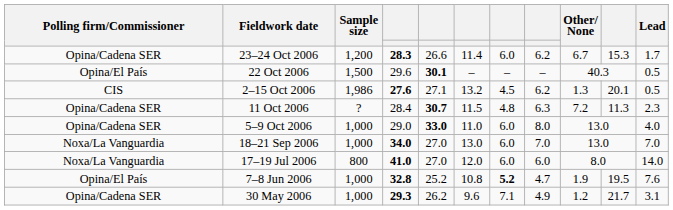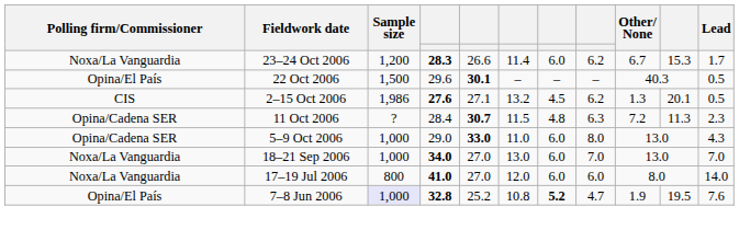 <table class="wikitable collapsible collapsed" style="text-align:center; font-size:90%; line-height:14px;">
 <tr style="height:42px;">
 <th style="width:250px;" rowspan="2">Polling firm/Commissioner</th>
 <th style="width:125px;" rowspan="2">Fieldwork date</th>
 <th style="width:50px;" rowspan="2">Sample size</th>
 <th style="width:35px;"></th>
 <th style="width:35px;"></th>
 <th style="width:35px;"></th>
 <th style="width:35px;"></th>
 <th style="width:35px;"></th>
 <th style="width:35px;" rowspan="2">Other/<br>None</th>
 <th style="width:35px;" rowspan="2"></th>
 <th style="width:30px;" rowspan="2">Lead</th>
 </tr>
 <tr>
 <th style="color:inherit;background:"></th>
 <th style="color:inherit;background:"></th>
 <th style="color:inherit;background:"></th>
 <th style="color:inherit;background:"></th>
 <th style="color:inherit;background:"></th>
 </tr>
 <tr>
-<td>Opina/Cadena SER</td>
+<td>Noxa/La Vanguardia</td>
 <td>23–24 Oct 2006</td>
 <td>1,200</td>
 <td><strong>28.3</strong></td>
 <td>26.6</td>
 <td>11.4</td>
 <td>6.0</td>
 <td>6.2</td>
 <td>6.7</td>
 <td>15.3</td>
 <td style="background:">1.7</td>
 </tr>
 <tr>
 <td>Opina/El País</td>
 <td>22 Oct 2006</td>
 <td>1,500</td>
 <td>29.6</td>
 <td><strong>30.1</strong></td>
 <td>–</td>
 <td>–</td>
 <td>–</td>
 <td colspan="2">40.3</td>
 <td style="background:">0.5</td>
 </tr>
 <tr>
 <td>CIS</td>
 <td>2–15 Oct 2006</td>
 <td>1,986</td>
 <td><strong>27.6</strong></td>
 <td>27.1</td>
 <td>13.2</td>
 <td>4.5</td>
 <td>6.2</td>
 <td>1.3</td>
 <td>20.1</td>
 <td style="background:">0.5</td>
 </tr>
 <tr>
 <td>Opina/Cadena SER</td>
 <td>11 Oct 2006</td>
 <td>?</td>
 <td>28.4</td>
 <td><strong>30.7</strong></td>
 <td>11.5</td>
 <td>4.8</td>
 <td>6.3</td>
 <td>7.2</td>
 <td>11.3</td>
 <td style="background:">2.3</td>
 </tr>
 <tr>
 <td>Opina/Cadena SER</td>
 <td>5–9 Oct 2006</td>
 <td>1,000</td>
 <td>29.0</td>
 <td><strong>33.0</strong></td>
 <td>11.0</td>
 <td>6.0</td>
 <td>8.0</td>
 <td colspan="2">13.0</td>
-<td style="background:">4.0</td>
+<td style="background:">4.3</td>
 </tr>
 <tr>
 <td>Noxa/La Vanguardia</td>
 <td>18–21 Sep 2006</td>
 <td>1,000</td>
 <td><strong>34.0</strong></td>
 <td>27.0</td>
 <td>13.0</td>
 <td>6.0</td>
 <td>7.0</td>
 <td colspan="2">13.0</td>
 <td style="background:">7.0</td>
 </tr>
 <tr>
 <td>Noxa/La Vanguardia</td>
 <td>17–19 Jul 2006</td>
 <td>800</td>
 <td><strong>41.0</strong></td>
 <td>27.0</td>
 <td>12.0</td>
 <td>6.0</td>
 <td>6.0</td>
 <td colspan="2">8.0</td>
 <td style="background:">14.0</td>
 </tr>
 <tr>
 <td>Opina/El País</td>
 <td>7–8 Jun 2006</td>
-<td>1,000</td>
+<td style="background: lavender;">1,000</td>
 <td><strong>32.8</strong></td>
 <td>25.2</td>
 <td>10.8</td>
 <td><strong>5.2</strong></td>
 <td>4.7</td>
 <td>1.9</td>
 <td>19.5</td>
 <td style="background:">7.6</td>
 </tr>
-<tr>
-<td>Opina/Cadena SER</td>
-<td>30 May 2006</td>
-<td>1,000</td>
-<td><strong>29.3</strong></td>
-<td>26.2</td>
-<td>9.6</td>
-<td>7.1</td>
-<td>4.9</td>
-<td>1.2</td>
-<td>21.7</td>
-<td style="background:">3.1</td>
-</tr>
 </table>
